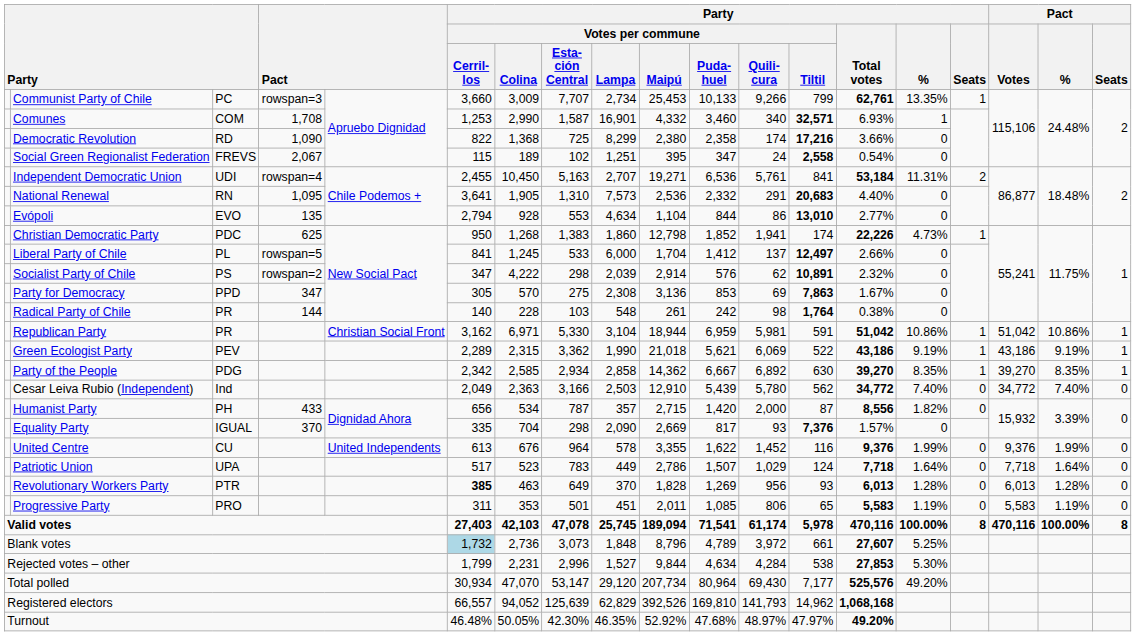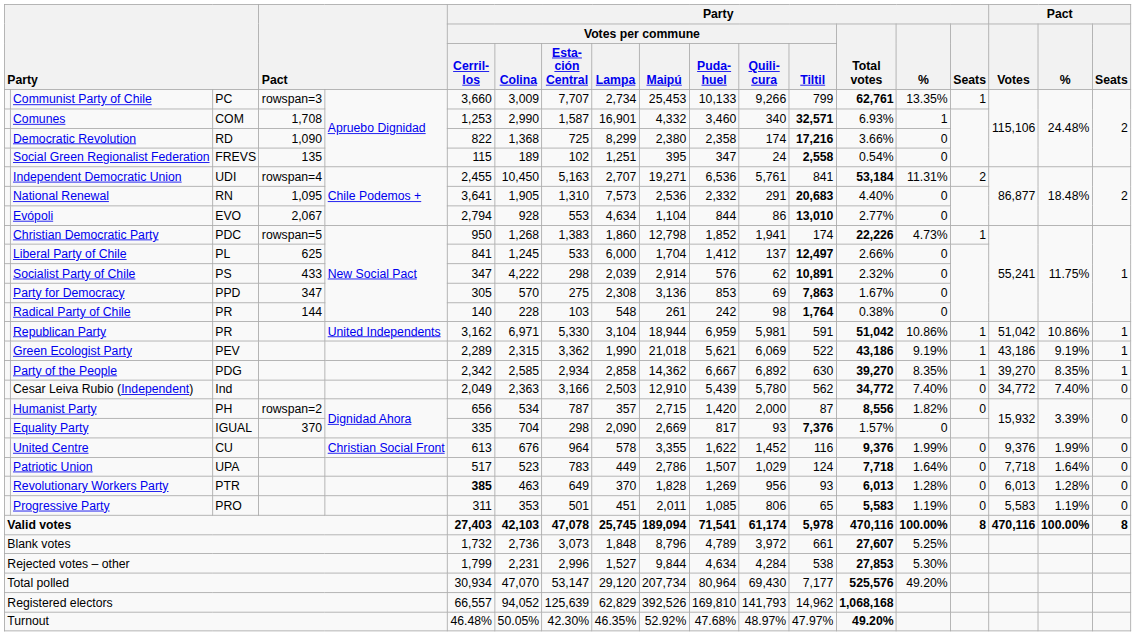 <table class="wikitable" border="1" style="font-size:90%; text-align:right; white-space: nowrap;">
 <tr>
 <th style="text-align:left;" valign=bottom rowspan=3 colspan=3>Party</th>
 <th style="text-align:left;" valign=bottom rowspan=3 colspan=2>Pact</th>
 <th colspan=11>Party</th>
 <th colspan=3>Pact</th>
 </tr>
 <tr>
 <th colspan=8>Votes per commune</th>
 <th align=center valign=bottom rowspan=2 width="40">Total<br>votes</th>
 <th align=center valign=bottom rowspan=2 width="40">%</th>
 <th align=center valign=bottom rowspan=2>Seats</th>
 <th align=center valign=bottom rowspan=2 width="40">Votes</th>
 <th align=center valign=bottom rowspan=2 width="40">%</th>
 <th align=center valign=bottom rowspan=2>Seats</th>
 </tr>
 <tr>
 <th align=center valign=bottom width="40"><a href='#'>Cerril-<br>los</a></th>
 <th align=center valign=bottom width="40"><a href='#'>Colina</a></th>
 <th align=center valign=bottom width="40"><a href='#'>Esta-<br>ción<br>Central</a></th>
 <th align=center valign=bottom width="40"><a href='#'>Lampa</a></th>
 <th align=center valign=bottom width="40"><a href='#'>Maipú</a></th>
 <th align=center valign=bottom width="40"><a href='#'>Puda-<br>huel</a></th>
 <th align=center valign=bottom width="40"><a href='#'>Quili-<br>cura</a></th>
 <th align=center valign=bottom width="40"><a href='#'>Tiltil</a></th>
 </tr>
 <tr>
 <td></td>
 <td align=left><a href='#'>Communist Party of Chile</a></td>
 <td align=left>PC</td>
 <td>rowspan=3 </td>
 <td rowspan=4 align=left><a href='#'>Apruebo Dignidad</a></td>
 <td>3,660</td>
 <td>3,009</td>
 <td>7,707</td>
 <td>2,734</td>
 <td>25,453</td>
 <td>10,133</td>
 <td>9,266</td>
 <td>799</td>
 <td><strong>62,761</strong></td>
 <td>13.35%</td>
 <td>1</td>
 <td rowspan=4>115,106</td>
 <td rowspan=4>24.48%</td>
 <td rowspan=4>2</td>
 </tr>
 <tr>
 <td></td>
 <td align=left><a href='#'>Comunes</a></td>
 <td align=left>COM</td>
 <td>1,708</td>
 <td>1,253</td>
 <td>2,990</td>
 <td>1,587</td>
 <td>16,901</td>
 <td>4,332</td>
 <td>3,460</td>
 <td>340</td>
 <td><strong>32,571</strong></td>
 <td>6.93%</td>
 <td>1</td>
 </tr>
 <tr>
 <td></td>
 <td align=left><a href='#'>Democratic Revolution</a></td>
 <td align=left>RD</td>
 <td>1,090</td>
 <td>822</td>
 <td>1,368</td>
 <td>725</td>
 <td>8,299</td>
 <td>2,380</td>
 <td>2,358</td>
 <td>174</td>
 <td><strong>17,216</strong></td>
 <td>3.66%</td>
 <td>0</td>
 </tr>
 <tr>
 <td></td>
 <td align=left><a href='#'>Social Green Regionalist Federation</a></td>
 <td align=left>FREVS</td>
-<td>2,067</td>
+<td>135</td>
 <td>115</td>
 <td>189</td>
 <td>102</td>
 <td>1,251</td>
 <td>395</td>
 <td>347</td>
 <td>24</td>
 <td><strong>2,558</strong></td>
 <td>0.54%</td>
 <td>0</td>
 </tr>
 <tr>
 <td></td>
 <td align=left><a href='#'>Independent Democratic Union</a></td>
 <td align=left>UDI</td>
 <td>rowspan=4 </td>
 <td rowspan=3 align=left><a href='#'>Chile Podemos +</a></td>
 <td>2,455</td>
 <td>10,450</td>
 <td>5,163</td>
 <td>2,707</td>
 <td>19,271</td>
 <td>6,536</td>
 <td>5,761</td>
 <td>841</td>
 <td><strong>53,184</strong></td>
 <td>11.31%</td>
 <td>2</td>
 <td rowspan=3>86,877</td>
 <td rowspan=3>18.48%</td>
 <td rowspan=3>2</td>
 </tr>
 <tr>
 <td></td>
 <td align=left><a href='#'>National Renewal</a></td>
 <td align=left>RN</td>
 <td>1,095</td>
 <td>3,641</td>
 <td>1,905</td>
 <td>1,310</td>
 <td>7,573</td>
 <td>2,536</td>
 <td>2,332</td>
 <td>291</td>
 <td><strong>20,683</strong></td>
 <td>4.40%</td>
 <td>0</td>
 </tr>
 <tr>
 <td></td>
 <td align=left><a href='#'>Evópoli</a></td>
 <td align=left>EVO</td>
-<td>135</td>
+<td>2,067</td>
 <td>2,794</td>
 <td>928</td>
 <td>553</td>
 <td>4,634</td>
 <td>1,104</td>
 <td>844</td>
 <td>86</td>
 <td><strong>13,010</strong></td>
 <td>2.77%</td>
 <td>0</td>
 </tr>
 <tr>
 <td></td>
 <td align=left><a href='#'>Christian Democratic Party</a></td>
 <td align=left>PDC</td>
-<td>625</td>
+<td>rowspan=5 </td>
 <td rowspan=5 align=left><a href='#'>New Social Pact</a></td>
 <td>950</td>
 <td>1,268</td>
 <td>1,383</td>
 <td>1,860</td>
 <td>12,798</td>
 <td>1,852</td>
 <td>1,941</td>
 <td>174</td>
 <td><strong>22,226</strong></td>
 <td>4.73%</td>
 <td>1</td>
 <td rowspan=5>55,241</td>
 <td rowspan=5>11.75%</td>
 <td rowspan=5>1</td>
 </tr>
 <tr>
 <td></td>
 <td align=left><a href='#'>Liberal Party of Chile</a></td>
 <td align=left>PL</td>
-<td>rowspan=5 </td>
+<td>625</td>
 <td>841</td>
 <td>1,245</td>
 <td>533</td>
 <td>6,000</td>
 <td>1,704</td>
 <td>1,412</td>
 <td>137</td>
 <td><strong>12,497</strong></td>
 <td>2.66%</td>
 <td>0</td>
 </tr>
 <tr>
 <td></td>
 <td align=left><a href='#'>Socialist Party of Chile</a></td>
 <td align=left>PS</td>
-<td>rowspan=2 </td>
+<td>433</td>
 <td>347</td>
 <td>4,222</td>
 <td>298</td>
 <td>2,039</td>
 <td>2,914</td>
 <td>576</td>
 <td>62</td>
 <td><strong>10,891</strong></td>
 <td>2.32%</td>
 <td>0</td>
 </tr>
 <tr>
 <td></td>
 <td align=left><a href='#'>Party for Democracy</a></td>
 <td align=left>PPD</td>
 <td>347</td>
 <td>305</td>
 <td>570</td>
 <td>275</td>
 <td>2,308</td>
 <td>3,136</td>
 <td>853</td>
 <td>69</td>
 <td><strong>7,863</strong></td>
 <td>1.67%</td>
 <td>0</td>
 </tr>
 <tr>
 <td></td>
 <td align=left><a href='#'>Radical Party of Chile</a></td>
 <td align=left>PR</td>
 <td>144</td>
 <td>140</td>
 <td>228</td>
 <td>103</td>
 <td>548</td>
 <td>261</td>
 <td>242</td>
 <td>98</td>
 <td><strong>1,764</strong></td>
 <td>0.38%</td>
 <td>0</td>
 </tr>
 <tr>
 <td></td>
 <td align=left><a href='#'>Republican Party</a></td>
 <td align=left>PR</td>
 <td></td>
-<td align=left><a href='#'>Christian Social Front</a></td>
+<td align=left><a href='#'>United Independents</a></td>
 <td>3,162</td>
 <td>6,971</td>
 <td>5,330</td>
 <td>3,104</td>
 <td>18,944</td>
 <td>6,959</td>
 <td>5,981</td>
 <td>591</td>
 <td><strong>51,042</strong></td>
 <td>10.86%</td>
 <td>1</td>
 <td>51,042</td>
 <td>10.86%</td>
 <td>1</td>
 </tr>
 <tr>
 <td></td>
 <td align=left><a href='#'>Green Ecologist Party</a></td>
 <td align=left>PEV</td>
 <td></td>
 <td></td>
 <td>2,289</td>
 <td>2,315</td>
 <td>3,362</td>
 <td>1,990</td>
 <td>21,018</td>
 <td>5,621</td>
 <td>6,069</td>
 <td>522</td>
 <td><strong>43,186</strong></td>
 <td>9.19%</td>
 <td>1</td>
 <td>43,186</td>
 <td>9.19%</td>
 <td>1</td>
 </tr>
 <tr>
 <td></td>
 <td align=left><a href='#'>Party of the People</a></td>
 <td align=left>PDG</td>
 <td></td>
 <td></td>
 <td>2,342</td>
 <td>2,585</td>
 <td>2,934</td>
 <td>2,858</td>
 <td>14,362</td>
 <td>6,667</td>
 <td>6,892</td>
 <td>630</td>
 <td><strong>39,270</strong></td>
 <td>8.35%</td>
 <td>1</td>
 <td>39,270</td>
 <td>8.35%</td>
 <td>1</td>
 </tr>
 <tr>
 <td></td>
 <td align=left>Cesar Leiva Rubio (<a href='#'>Independent</a>)</td>
 <td align=left>Ind</td>
 <td></td>
 <td></td>
 <td>2,049</td>
 <td>2,363</td>
 <td>3,166</td>
 <td>2,503</td>
 <td>12,910</td>
 <td>5,439</td>
 <td>5,780</td>
 <td>562</td>
 <td><strong>34,772</strong></td>
 <td>7.40%</td>
 <td>0</td>
 <td>34,772</td>
 <td>7.40%</td>
 <td>0</td>
 </tr>
 <tr>
 <td></td>
 <td align=left><a href='#'>Humanist Party</a></td>
 <td align=left>PH</td>
-<td>433</td>
+<td>rowspan=2 </td>
 <td rowspan=2 align=left><a href='#'>Dignidad Ahora</a></td>
 <td>656</td>
 <td>534</td>
 <td>787</td>
 <td>357</td>
 <td>2,715</td>
 <td>1,420</td>
 <td>2,000</td>
 <td>87</td>
 <td><strong>8,556</strong></td>
 <td>1.82%</td>
 <td>0</td>
 <td rowspan=2>15,932</td>
 <td rowspan=2>3.39%</td>
 <td rowspan=2>0</td>
 </tr>
 <tr>
 <td></td>
 <td align=left><a href='#'>Equality Party</a></td>
 <td align=left>IGUAL</td>
 <td>370</td>
 <td>335</td>
 <td>704</td>
 <td>298</td>
 <td>2,090</td>
 <td>2,669</td>
 <td>817</td>
 <td>93</td>
 <td><strong>7,376</strong></td>
 <td>1.57%</td>
 <td>0</td>
 </tr>
 <tr>
 <td></td>
 <td align=left><a href='#'>United Centre</a></td>
 <td align=left>CU</td>
 <td></td>
-<td align=left><a href='#'>United Independents</a></td>
+<td align=left><a href='#'>Christian Social Front</a></td>
 <td>613</td>
 <td>676</td>
 <td>964</td>
 <td>578</td>
 <td>3,355</td>
 <td>1,622</td>
 <td>1,452</td>
 <td>116</td>
 <td><strong>9,376</strong></td>
 <td>1.99%</td>
 <td>0</td>
 <td>9,376</td>
 <td>1.99%</td>
 <td>0</td>
 </tr>
 <tr>
 <td></td>
 <td align=left><a href='#'>Patriotic Union</a></td>
 <td align=left>UPA</td>
 <td></td>
 <td></td>
 <td>517</td>
 <td>523</td>
 <td>783</td>
 <td>449</td>
 <td>2,786</td>
 <td>1,507</td>
 <td>1,029</td>
 <td>124</td>
 <td><strong>7,718</strong></td>
 <td>1.64%</td>
 <td>0</td>
 <td>7,718</td>
 <td>1.64%</td>
 <td>0</td>
 </tr>
 <tr>
 <td></td>
 <td align=left><a href='#'>Revolutionary Workers Party</a></td>
 <td align=left>PTR</td>
 <td></td>
 <td></td>
 <td><strong>385</strong></td>
 <td>463</td>
 <td>649</td>
 <td>370</td>
 <td>1,828</td>
 <td>1,269</td>
 <td>956</td>
 <td>93</td>
 <td><strong>6,013</strong></td>
 <td>1.28%</td>
 <td>0</td>
 <td>6,013</td>
 <td>1.28%</td>
 <td>0</td>
 </tr>
 <tr>
 <td></td>
 <td align=left><a href='#'>Progressive Party</a></td>
 <td align=left>PRO</td>
 <td></td>
 <td></td>
 <td>311</td>
 <td>353</td>
 <td>501</td>
 <td>451</td>
 <td>2,011</td>
 <td>1,085</td>
 <td>806</td>
 <td>65</td>
 <td><strong>5,583</strong></td>
 <td>1.19%</td>
 <td>0</td>
 <td>5,583</td>
 <td>1.19%</td>
 <td>0</td>
 </tr>
 <tr style="font-weight:bold">
 <td align=left colspan=5>Valid votes</td>
 <td>27,403</td>
 <td>42,103</td>
 <td>47,078</td>
 <td>25,745</td>
 <td>189,094</td>
 <td>71,541</td>
 <td>61,174</td>
 <td>5,978</td>
 <td>470,116</td>
 <td>100.00%</td>
 <td>8</td>
 <td>470,116</td>
 <td>100.00%</td>
 <td>8</td>
 </tr>
 <tr>
 <td align=left colspan=5>Blank votes</td>
-<td style="background: lightblue;">1,732</td>
+<td>1,732</td>
 <td>2,736</td>
 <td>3,073</td>
 <td>1,848</td>
 <td>8,796</td>
 <td>4,789</td>
 <td>3,972</td>
 <td>661</td>
 <td><strong>27,607</strong></td>
 <td>5.25%</td>
 <td></td>
 <td></td>
 <td></td>
 <td></td>
 </tr>
 <tr>
 <td align=left colspan=5>Rejected votes – other</td>
 <td>1,799</td>
 <td>2,231</td>
 <td>2,996</td>
 <td>1,527</td>
 <td>9,844</td>
 <td>4,634</td>
 <td>4,284</td>
 <td>538</td>
 <td><strong>27,853</strong></td>
 <td>5.30%</td>
 <td></td>
 <td></td>
 <td></td>
 <td></td>
 </tr>
 <tr>
 <td align=left colspan=5>Total polled</td>
 <td>30,934</td>
 <td>47,070</td>
 <td>53,147</td>
 <td>29,120</td>
 <td>207,734</td>
 <td>80,964</td>
 <td>69,430</td>
 <td>7,177</td>
 <td><strong>525,576</strong></td>
 <td>49.20%</td>
 <td></td>
 <td></td>
 <td></td>
 <td></td>
 </tr>
 <tr>
 <td align=left colspan=5>Registered electors</td>
 <td>66,557</td>
 <td>94,052</td>
 <td>125,639</td>
 <td>62,829</td>
 <td>392,526</td>
 <td>169,810</td>
 <td>141,793</td>
 <td>14,962</td>
 <td><strong>1,068,168</strong></td>
 <td></td>
 <td></td>
 <td></td>
 <td></td>
 <td></td>
 </tr>
 <tr>
 <td align=left colspan=5>Turnout</td>
 <td>46.48%</td>
 <td>50.05%</td>
 <td>42.30%</td>
 <td>46.35%</td>
 <td>52.92%</td>
 <td>47.68%</td>
 <td>48.97%</td>
 <td>47.97%</td>
 <td><strong>49.20%</strong></td>
 <td></td>
 <td></td>
 <td></td>
 <td></td>
 <td></td>
 </tr>
 </table>
